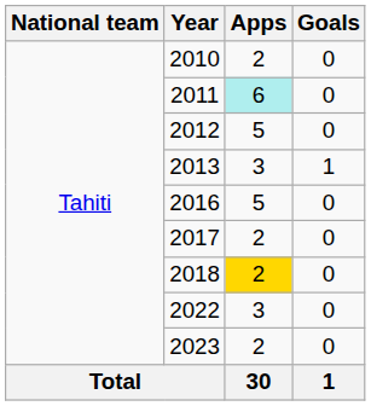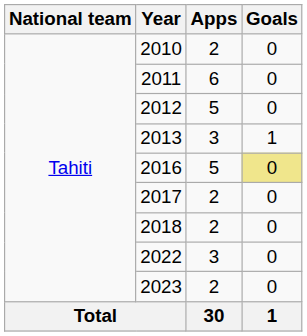 <table class="wikitable" style="text-align:center">
 <tr>
 <th>National team</th>
 <th>Year</th>
 <th>Apps</th>
 <th>Goals</th>
 </tr>
 <tr>
 <td rowspan="9"><a href='#'>Tahiti</a></td>
 <td>2010</td>
 <td>2</td>
 <td>0</td>
 </tr>
 <tr>
 <td>2011</td>
-<td style="background: paleturquoise;">6</td>
+<td>6</td>
 <td>0</td>
 </tr>
 <tr>
 <td>2012</td>
 <td>5</td>
 <td>0</td>
 </tr>
 <tr>
 <td>2013</td>
 <td>3</td>
 <td>1</td>
 </tr>
 <tr>
 <td>2016</td>
 <td>5</td>
-<td>0</td>
+<td style="background: khaki;">0</td>
 </tr>
 <tr>
 <td>2017</td>
 <td>2</td>
 <td>0</td>
 </tr>
 <tr>
 <td>2018</td>
-<td style="background: gold;">2</td>
+<td>2</td>
 <td>0</td>
 </tr>
 <tr>
 <td>2022</td>
 <td>3</td>
 <td>0</td>
 </tr>
 <tr>
 <td>2023</td>
 <td>2</td>
 <td>0</td>
 </tr>
 <tr>
 <th colspan="2">Total</th>
 <th>30</th>
 <th>1</th>
 </tr>
 </table>
